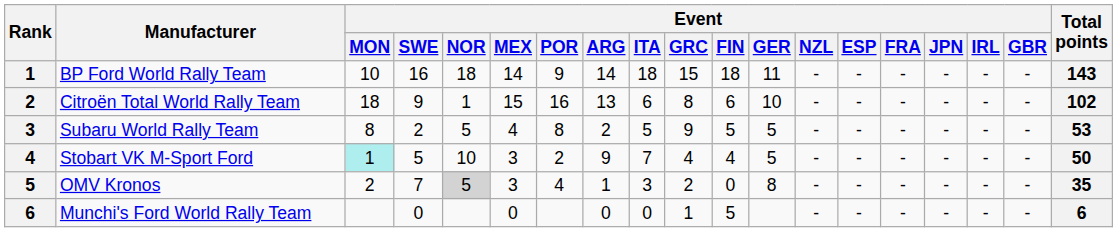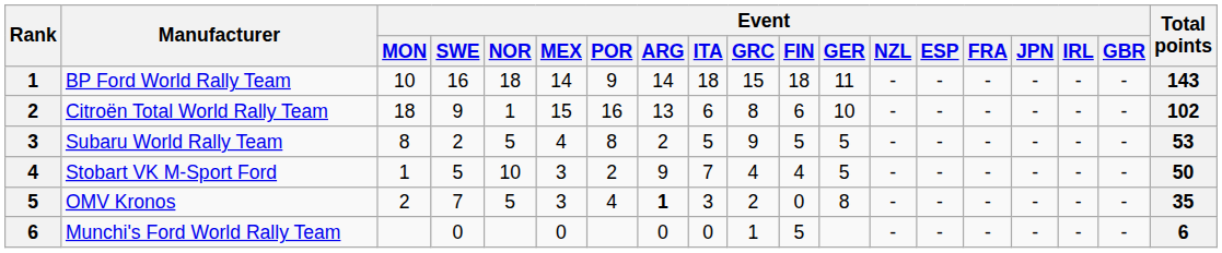 <table class="wikitable" style="text-align:center; font-size:90%;">
 <tr>
 <th rowspan=2>Rank</th>
 <th rowspan=2 style="width:16em">Manufacturer</th>
 <th colspan=16>Event</th>
 <th rowspan=2>Total<br>points</th>
 </tr>
 <tr valign="top">
 <th><a href='#'>MON</a><br></th>
 <th><a href='#'>SWE</a><br></th>
 <th><a href='#'>NOR</a><br></th>
 <th><a href='#'>MEX</a><br></th>
 <th><a href='#'>POR</a><br></th>
 <th><a href='#'>ARG</a><br></th>
 <th><a href='#'>ITA</a><br></th>
 <th><a href='#'>GRC</a><br></th>
 <th><a href='#'>FIN</a><br></th>
 <th><a href='#'>GER</a><br></th>
 <th><a href='#'>NZL</a><br></th>
 <th><a href='#'>ESP</a><br></th>
 <th><a href='#'>FRA</a><br></th>
 <th><a href='#'>JPN</a><br></th>
 <th><a href='#'>IRL</a><br></th>
 <th><a href='#'>GBR</a><br></th>
 </tr>
 <tr>
 <th>1</th>
 <td align=left><a href='#'>BP Ford World Rally Team</a></td>
 <td>10</td>
 <td>16</td>
 <td>18</td>
 <td>14</td>
 <td>9</td>
 <td>14</td>
 <td>18</td>
 <td>15</td>
 <td>18</td>
 <td>11</td>
 <td>-</td>
 <td>-</td>
 <td>-</td>
 <td>-</td>
 <td>-</td>
 <td>-</td>
 <th>143</th>
 </tr>
 <tr>
 <th>2</th>
 <td align=left><a href='#'>Citroën Total World Rally Team</a></td>
 <td>18</td>
 <td>9</td>
 <td>1</td>
 <td>15</td>
 <td>16</td>
 <td>13</td>
 <td>6</td>
 <td>8</td>
 <td>6</td>
 <td>10</td>
 <td>-</td>
 <td>-</td>
 <td>-</td>
 <td>-</td>
 <td>-</td>
 <td>-</td>
 <th>102</th>
 </tr>
 <tr>
 <th>3</th>
 <td align=left><a href='#'>Subaru World Rally Team</a></td>
 <td>8</td>
 <td>2</td>
 <td>5</td>
 <td>4</td>
 <td>8</td>
 <td>2</td>
 <td>5</td>
 <td>9</td>
 <td>5</td>
 <td>5</td>
 <td>-</td>
 <td>-</td>
 <td>-</td>
 <td>-</td>
 <td>-</td>
 <td>-</td>
 <th>53</th>
 </tr>
 <tr>
 <th>4</th>
 <td align=left><a href='#'>Stobart VK M-Sport Ford</a></td>
-<td style="background: paleturquoise;">1</td>
+<td>1</td>
 <td>5</td>
 <td>10</td>
 <td>3</td>
 <td>2</td>
 <td>9</td>
 <td>7</td>
 <td>4</td>
 <td>4</td>
 <td>5</td>
 <td>-</td>
 <td>-</td>
 <td>-</td>
 <td>-</td>
 <td>-</td>
 <td>-</td>
 <th>50</th>
 </tr>
 <tr>
 <th>5</th>
 <td align=left><a href='#'>OMV Kronos</a></td>
 <td>2</td>
 <td>7</td>
-<td style="background: lightgrey;">5</td>
+<td>5</td>
 <td>3</td>
 <td>4</td>
-<td>1</td>
+<td><strong>1</strong></td>
 <td>3</td>
 <td>2</td>
 <td>0</td>
 <td>8</td>
 <td>-</td>
 <td>-</td>
 <td>-</td>
 <td>-</td>
 <td>-</td>
 <td>-</td>
 <th>35</th>
 </tr>
 <tr>
 <th>6</th>
 <td align="left"><a href='#'>Munchi's Ford World Rally Team</a></td>
 <td></td>
 <td>0</td>
 <td></td>
 <td>0</td>
 <td></td>
 <td>0</td>
 <td>0</td>
 <td>1</td>
 <td>5</td>
 <td></td>
 <td>-</td>
 <td>-</td>
 <td>-</td>
 <td>-</td>
 <td>-</td>
 <td>-</td>
 <th>6</th>
 </tr>
 </table>
